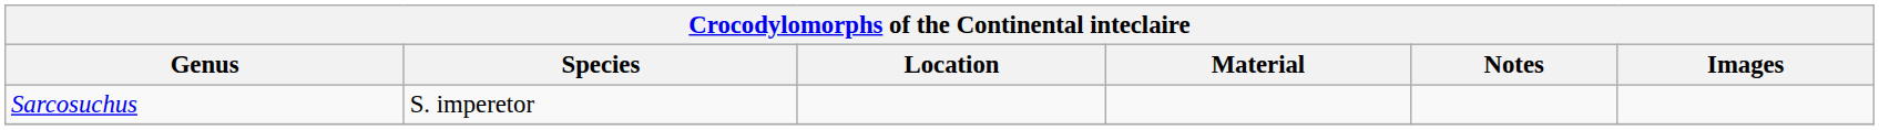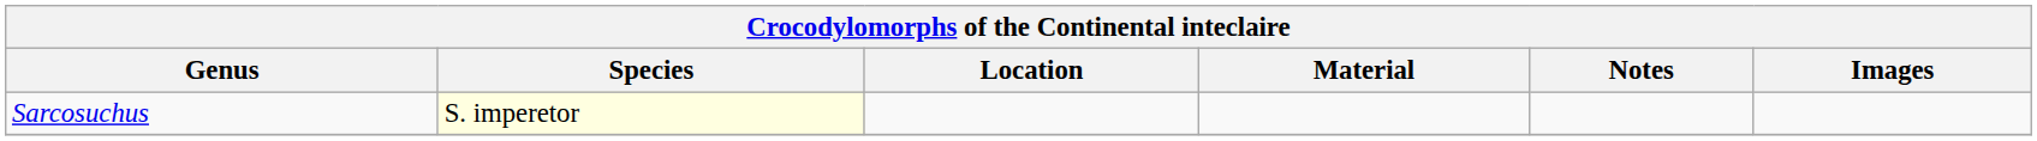 <table class="wikitable" align="center" width="75%">
 <tr>
 <th colspan="6" align="center"><a href='#'>Crocodylomorphs</a> of the Continental inteclaire</th>
 </tr>
 <tr>
 <th>Genus</th>
 <th>Species</th>
 <th>Location</th>
 <th>Material</th>
 <th>Notes</th>
 <th>Images</th>
 </tr>
 <tr>
 <td><em><a href='#'>Sarcosuchus</a></em></td>
-<td>S. imperetor</td>
+<td style="background: lightyellow;">S. imperetor</td>
 <td></td>
 <td></td>
 <td></td>
 <td></td>
 </tr>
 <tr>
 </tr>
 </table>
